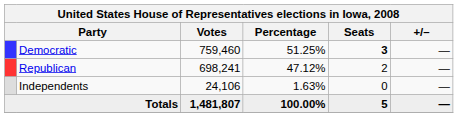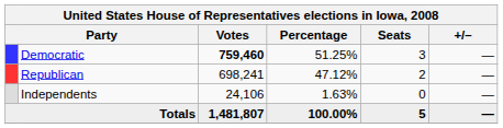 <table class="wikitable" style="font-size: 95%;">
 <tr>
 <th colspan="6">United States House of Representatives elections in Iowa, 2008</th>
 </tr>
 <tr>
 <th colspan=2 style="width: 15em">Party</th>
 <th style="width: 5em">Votes</th>
 <th style="width: 7em">Percentage</th>
 <th style="width: 5em">Seats</th>
 <th style="width: 5em">+/–</th>
 </tr>
 <tr>
 <th style="background-color:#3333FF; width: 3px"></th>
 <td style="width: 130px"><a href='#'>Democratic</a></td>
-<td align="right">759,460</td>
+<td align="right"><strong>759,460</strong></td>
 <td align="right">51.25%</td>
-<td align="right"><strong>3</strong></td>
+<td align="right">3</td>
 <td align="right">—</td>
 </tr>
 <tr>
 <th style="background-color:#FF3333; width: 3px"></th>
 <td style="width: 130px"><a href='#'>Republican</a></td>
 <td align="right">698,241</td>
 <td align="right">47.12%</td>
 <td align="right">2</td>
 <td align="right">—</td>
 </tr>
 <tr>
 <th style="background-color:#DDDDDD; width: 3px"></th>
 <td style="width: 130px">Independents</td>
 <td align="right">24,106</td>
 <td align="right">1.63%</td>
 <td align="right">0</td>
 <td align="right">—</td>
 </tr>
 <tr bgcolor="#EEEEEE">
 <td colspan="2" align="right"><strong>Totals</strong></td>
 <td align="right"><strong>1,481,807</strong></td>
 <td align="right"><strong>100.00%</strong></td>
 <td align="right"><strong>5</strong></td>
 <td align="right"><strong>—</strong></td>
 </tr>
 <tr bgcolor="#EEEEEE">
 </tr>
 </table>
